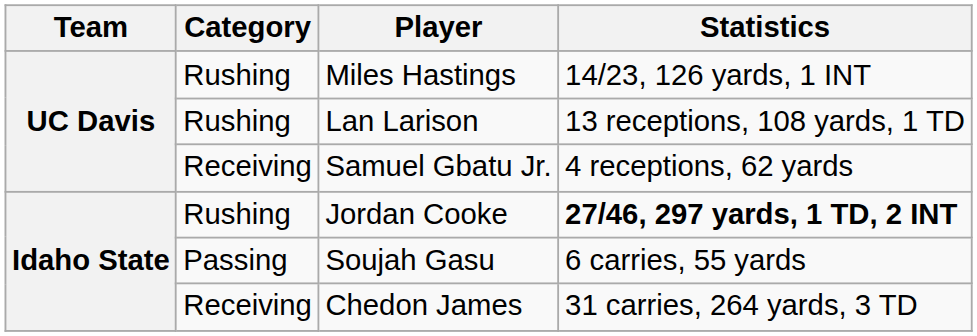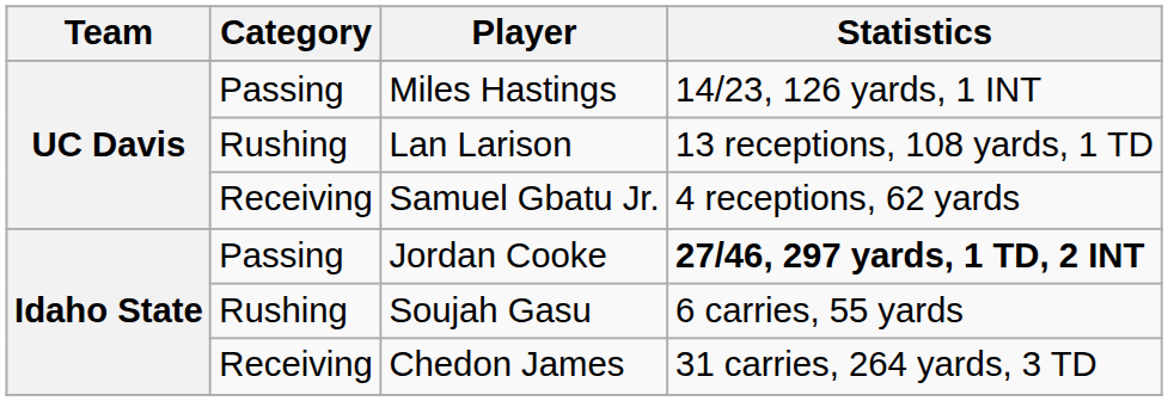 <table class="wikitable" style="float:right">
 <tr>
 <th>Team</th>
 <th>Category</th>
 <th>Player</th>
 <th>Statistics</th>
 </tr>
 <tr>
 <th rowspan=3>UC Davis</th>
-<td>Rushing</td>
+<td>Passing</td>
 <td>Miles Hastings</td>
 <td>14/23, 126 yards, 1 INT</td>
 </tr>
 <tr>
 <td>Rushing</td>
 <td>Lan Larison</td>
 <td>13 receptions, 108 yards, 1 TD</td>
 </tr>
 <tr>
 <td>Receiving</td>
 <td>Samuel Gbatu Jr.</td>
 <td>4 receptions, 62 yards</td>
 </tr>
 <tr>
 <th rowspan=3>Idaho State</th>
-<td>Rushing</td>
+<td>Passing</td>
 <td>Jordan Cooke</td>
 <td><strong>27/46, 297 yards, 1 TD, 2 INT</strong></td>
 </tr>
 <tr>
-<td>Passing</td>
+<td>Rushing</td>
 <td>Soujah Gasu</td>
 <td>6 carries, 55 yards</td>
 </tr>
 <tr>
 <td>Receiving</td>
 <td>Chedon James</td>
 <td>31 carries, 264 yards, 3 TD</td>
 </tr>
 </table>
